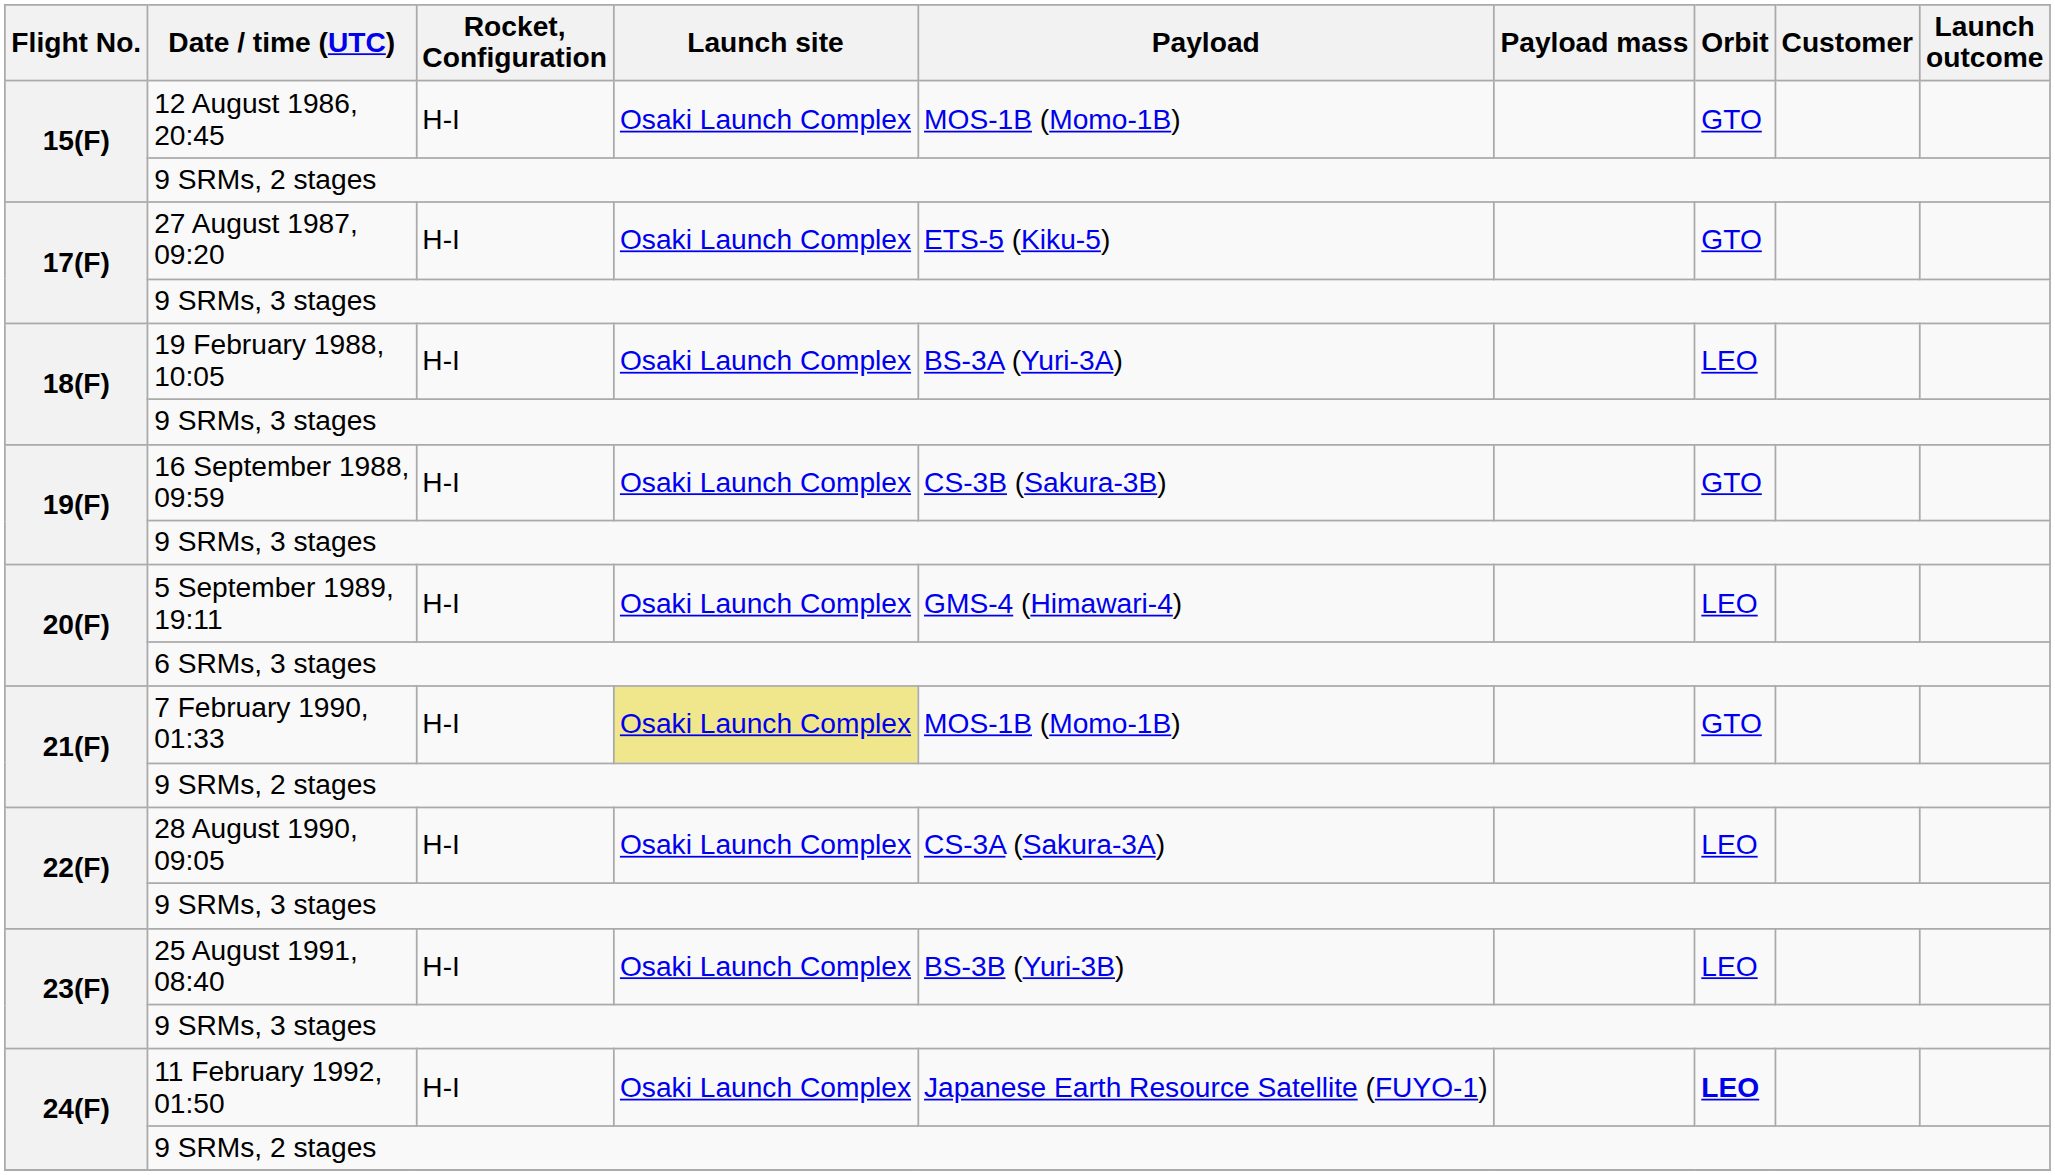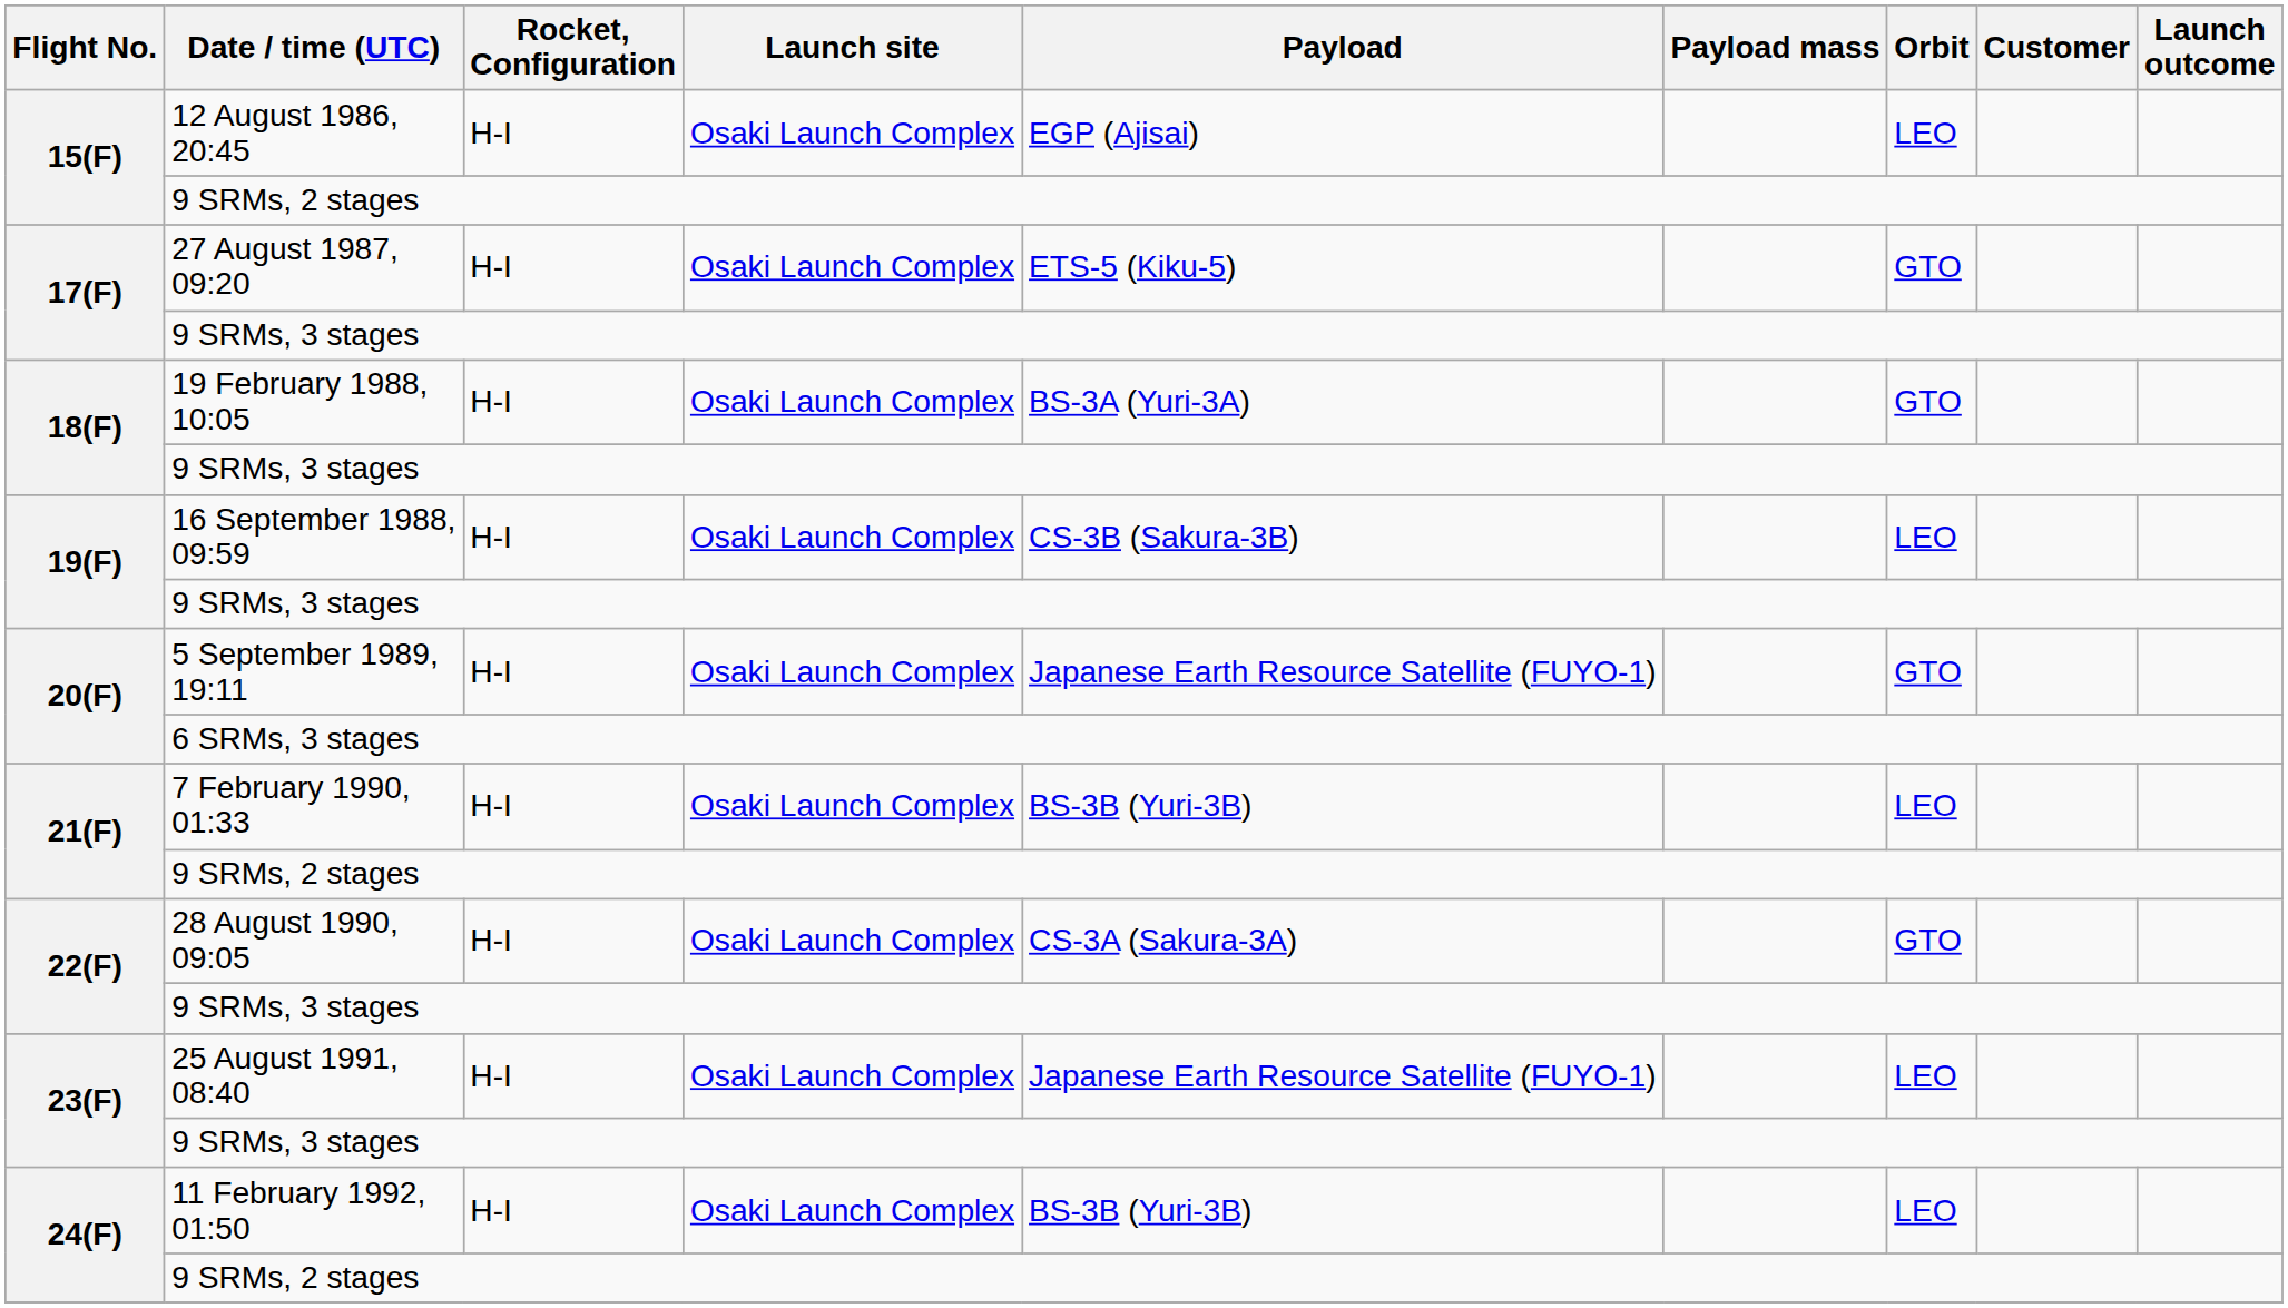 <table class="wikitable plainrowheaders">
 <tr>
 <th scope="col">Flight No.</th>
 <th scope="col">Date / time (<a href='#'>UTC</a>)</th>
 <th scope="col">Rocket, <br> Configuration</th>
 <th scope="col">Launch site</th>
 <th scope="col">Payload</th>
 <th scope="col">Payload mass</th>
 <th scope="col">Orbit</th>
 <th scope="col">Customer</th>
 <th scope="col">Launch <br> outcome</th>
 </tr>
 <tr>
 <th scope="row" rowspan=2 style="text-align:center;">15(F)</th>
 <td>12 August 1986,<br>20:45</td>
 <td>H-I</td>
 <td><a href='#'>Osaki Launch Complex</a></td>
-<td><a href='#'>MOS-1B</a> (<a href='#'>Momo-1B</a>)</td>
+<td><a href='#'>EGP</a> (<a href='#'>Ajisai</a>)</td>
 <td></td>
-<td><a href='#'>GTO</a></td>
+<td><a href='#'>LEO</a></td>
 <td></td>
 <td></td>
 </tr>
 <tr>
 <td colspan="8">9 SRMs, 2 stages</td>
 </tr>
 <tr>
 <th scope="row" rowspan=2 style="text-align:center;">17(F)</th>
 <td>27 August 1987,<br>09:20</td>
 <td>H-I</td>
 <td><a href='#'>Osaki Launch Complex</a></td>
 <td><a href='#'>ETS-5</a> (<a href='#'>Kiku-5</a>)</td>
 <td></td>
 <td><a href='#'>GTO</a></td>
 <td></td>
 <td></td>
 </tr>
 <tr>
 <td colspan="8">9 SRMs, 3 stages</td>
 </tr>
 <tr>
 <th scope="row" rowspan=2 style="text-align:center;">18(F)</th>
 <td>19 February 1988,<br>10:05</td>
 <td>H-I</td>
 <td><a href='#'>Osaki Launch Complex</a></td>
 <td><a href='#'>BS-3A</a> (<a href='#'>Yuri-3A</a>)</td>
 <td></td>
-<td><a href='#'>LEO</a></td>
+<td><a href='#'>GTO</a></td>
 <td></td>
 <td></td>
 </tr>
 <tr>
 <td colspan="8">9 SRMs, 3 stages</td>
 </tr>
 <tr>
 <th scope="row" rowspan=2 style="text-align:center;">19(F)</th>
 <td>16 September 1988,<br>09:59</td>
 <td>H-I</td>
 <td><a href='#'>Osaki Launch Complex</a></td>
 <td><a href='#'>CS-3B</a> (<a href='#'>Sakura-3B</a>)</td>
 <td></td>
-<td><a href='#'>GTO</a></td>
+<td><a href='#'>LEO</a></td>
 <td></td>
 <td></td>
 </tr>
 <tr>
 <td colspan="8">9 SRMs, 3 stages</td>
 </tr>
 <tr>
 <th scope="row" rowspan=2 style="text-align:center;">20(F)</th>
 <td>5 September 1989,<br>19:11</td>
 <td>H-I</td>
 <td><a href='#'>Osaki Launch Complex</a></td>
-<td><a href='#'>GMS-4</a> (<a href='#'>Himawari-4</a>)</td>
+<td><a href='#'>Japanese Earth Resource Satellite</a> (<a href='#'>FUYO-1</a>)</td>
 <td></td>
-<td><a href='#'>LEO</a></td>
+<td><a href='#'>GTO</a></td>
 <td></td>
 <td></td>
 </tr>
 <tr>
 <td colspan="8">6 SRMs, 3 stages</td>
 </tr>
 <tr>
 <th scope="row" rowspan=2 style="text-align:center;">21(F)</th>
 <td>7 February 1990,<br>01:33</td>
 <td>H-I</td>
-<td style="background: khaki;"><a href='#'>Osaki Launch Complex</a></td>
-<td><a href='#'>MOS-1B</a> (<a href='#'>Momo-1B</a>)</td>
+<td><a href='#'>Osaki Launch Complex</a></td>
+<td><a href='#'>BS-3B</a> (<a href='#'>Yuri-3B</a>)</td>
 <td></td>
-<td><a href='#'>GTO</a></td>
+<td><a href='#'>LEO</a></td>
 <td></td>
 <td></td>
 </tr>
 <tr>
 <td colspan="8">9 SRMs, 2 stages</td>
 </tr>
 <tr>
 <th scope="row" rowspan=2 style="text-align:center;">22(F)</th>
 <td>28 August 1990,<br>09:05</td>
 <td>H-I</td>
 <td><a href='#'>Osaki Launch Complex</a></td>
 <td><a href='#'>CS-3A</a> (<a href='#'>Sakura-3A</a>)</td>
 <td></td>
-<td><a href='#'>LEO</a></td>
+<td><a href='#'>GTO</a></td>
 <td></td>
 <td></td>
 </tr>
 <tr>
 <td colspan="8">9 SRMs, 3 stages</td>
 </tr>
 <tr>
 <th scope="row" rowspan=2 style="text-align:center;">23(F)</th>
 <td>25 August 1991,<br>08:40</td>
 <td>H-I</td>
 <td><a href='#'>Osaki Launch Complex</a></td>
-<td><a href='#'>BS-3B</a> (<a href='#'>Yuri-3B</a>)</td>
+<td><a href='#'>Japanese Earth Resource Satellite</a> (<a href='#'>FUYO-1</a>)</td>
 <td></td>
 <td><a href='#'>LEO</a></td>
 <td></td>
 <td></td>
 </tr>
 <tr>
 <td colspan="8">9 SRMs, 3 stages</td>
 </tr>
 <tr>
 <th scope="row" rowspan=2 style="text-align:center;">24(F)</th>
 <td>11 February 1992,<br>01:50</td>
 <td>H-I</td>
 <td><a href='#'>Osaki Launch Complex</a></td>
-<td><a href='#'>Japanese Earth Resource Satellite</a> (<a href='#'>FUYO-1</a>)</td>
+<td><a href='#'>BS-3B</a> (<a href='#'>Yuri-3B</a>)</td>
 <td></td>
-<td><strong><a href='#'>LEO</a></strong></td>
+<td><a href='#'>LEO</a></td>
 <td></td>
 <td></td>
 </tr>
 <tr>
 <td colspan="8">9 SRMs, 2 stages</td>
 </tr>
 <tr>
 </tr>
 </table>
